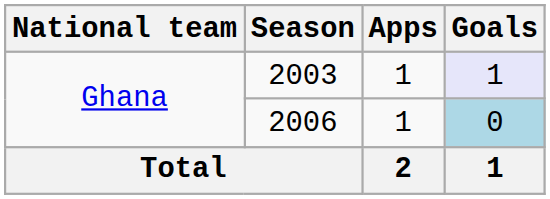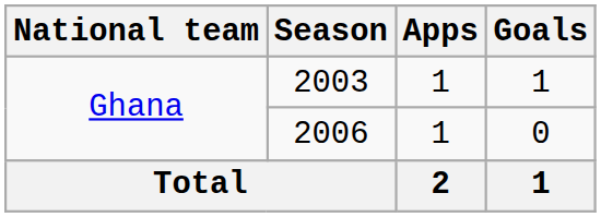 <table class="wikitable" style="text-align: center;">
 <tr>
 <th>National team</th>
 <th>Season</th>
 <th>Apps</th>
 <th>Goals</th>
 </tr>
 <tr>
 <td rowspan="2"><a href='#'>Ghana</a></td>
 <td>2003</td>
 <td>1</td>
-<td style="background: lavender;">1</td>
+<td>1</td>
 </tr>
 <tr>
 <td>2006</td>
 <td>1</td>
-<td style="background: lightblue;">0</td>
+<td>0</td>
 </tr>
 <tr>
 <th colspan="2">Total</th>
 <th>2</th>
 <th>1</th>
 </tr>
 </table>
